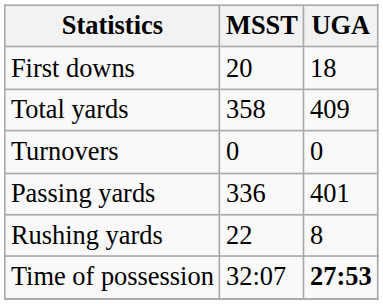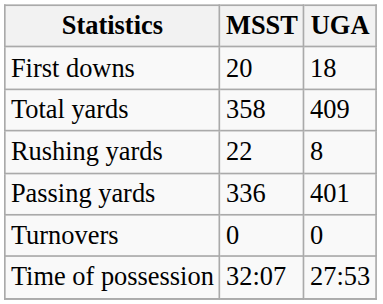 <table class="wikitable" style="float: left;">
 <tr>
 <th>Statistics</th>
 <th>MSST</th>
 <th>UGA</th>
 </tr>
 <tr>
 <td>First downs</td>
 <td>20</td>
 <td>18</td>
 </tr>
 <tr>
 <td>Total yards</td>
 <td>358</td>
 <td>409</td>
 </tr>
 <tr>
-<td>Turnovers</td>
-<td>0</td>
-<td>0</td>
+<td>Rushing yards</td>
+<td>22</td>
+<td>8</td>
 </tr>
 <tr>
 <td>Passing yards</td>
 <td>336</td>
 <td>401</td>
 </tr>
 <tr>
-<td>Rushing yards</td>
-<td>22</td>
-<td>8</td>
+<td>Turnovers</td>
+<td>0</td>
+<td>0</td>
 </tr>
 <tr>
 <td>Time of possession</td>
 <td>32:07</td>
-<td><strong>27:53</strong></td>
+<td>27:53</td>
 </tr>
 <tr>
 </tr>
 </table>
